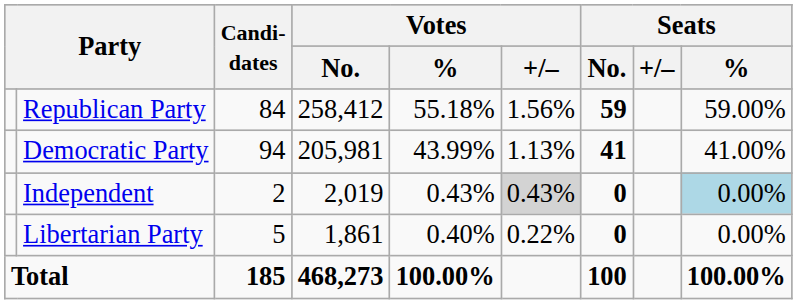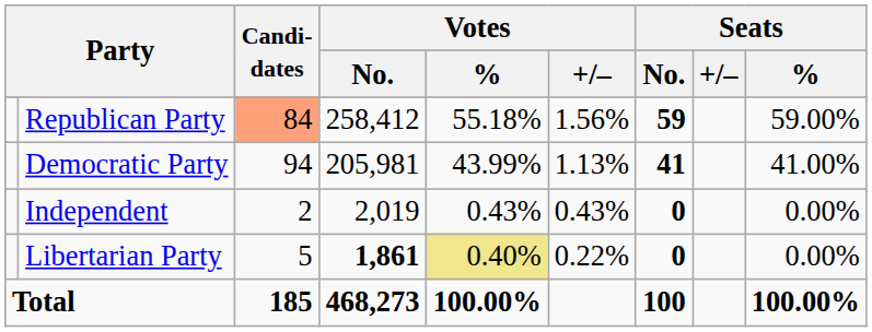 <table class="wikitable" style="font-size:100%; text-align:right;">
 <tr>
 <th colspan=2 rowspan=2>Party</th>
 <th rowspan=2><small>Candi-<br>dates</small></th>
 <th colspan=3>Votes</th>
 <th colspan=3>Seats</th>
 </tr>
 <tr>
 <th>No.</th>
 <th>%</th>
 <th>+/–</th>
 <th>No.</th>
 <th>+/–</th>
 <th>%</th>
 </tr>
 <tr>
 <td style="background:"></td>
 <td style="text-align:left"><a href='#'>Republican Party</a></td>
-<td>84</td>
+<td style="background: lightsalmon;">84</td>
 <td>258,412</td>
 <td>55.18%</td>
 <td>1.56%</td>
 <td><strong>59</strong></td>
 <td></td>
 <td>59.00%</td>
 </tr>
 <tr>
 <td style="background:"></td>
 <td style="text-align:left"><a href='#'>Democratic Party</a></td>
 <td>94</td>
 <td>205,981</td>
 <td>43.99%</td>
 <td>1.13%</td>
 <td><strong>41</strong></td>
 <td></td>
 <td>41.00%</td>
 </tr>
 <tr>
 <td style="background:"></td>
 <td style="text-align:left"><a href='#'>Independent</a></td>
 <td>2</td>
 <td>2,019</td>
 <td>0.43%</td>
-<td style="background: lightgrey;">0.43%</td>
+<td>0.43%</td>
 <td><strong>0</strong></td>
 <td></td>
-<td style="background: lightblue;">0.00%</td>
+<td>0.00%</td>
 </tr>
 <tr>
 <td style="background:"></td>
 <td style="text-align:left"><a href='#'>Libertarian Party</a></td>
 <td>5</td>
-<td>1,861</td>
-<td>0.40%</td>
+<td><strong>1,861</strong></td>
+<td style="background: khaki;">0.40%</td>
 <td>0.22%</td>
 <td><strong>0</strong></td>
 <td></td>
 <td>0.00%</td>
 </tr>
 <tr style="font-weight:bold">
 <td colspan=2 style="text-align:left">Total</td>
 <td>185</td>
 <td>468,273</td>
 <td>100.00%</td>
 <td></td>
 <td>100</td>
 <td></td>
 <td>100.00%</td>
 </tr>
 </table>
